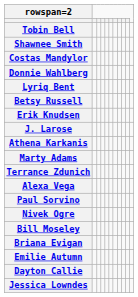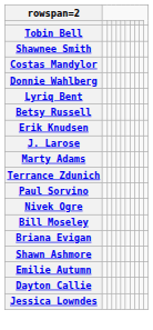 <table class="wikitable" style="text-align:center;font-size:100%;vertical-align:bottom;">
 <tr>
 <th>rowspan=2 </th>
 </tr>
 <tr>
 <th></th>
 <th></th>
 <th></th>
 <th></th>
 <th></th>
 <th></th>
 <th></th>
 <th></th>
 <th></th>
 <th></th>
 </tr>
 <tr>
 <th><a href='#'>Tobin Bell</a></th>
 <td></td>
 <td></td>
 <td></td>
 <td></td>
 <td></td>
 <td></td>
 <td></td>
 <td></td>
 <td></td>
 <td></td>
 </tr>
 <tr>
 <th><a href='#'>Shawnee Smith</a></th>
 <td></td>
 <td></td>
 <td></td>
 <td></td>
 <td></td>
 <td></td>
 <td></td>
 <td></td>
 <td></td>
 <td></td>
 </tr>
 <tr>
 <th><a href='#'>Costas Mandylor</a></th>
 <td></td>
 <td></td>
 <td></td>
 <td></td>
 <td></td>
 <td></td>
 <td></td>
 <td></td>
 <td></td>
 <td></td>
 </tr>
 <tr>
 <th><a href='#'>Donnie Wahlberg</a></th>
 <td></td>
 <td></td>
 <td></td>
 <td></td>
 <td></td>
 <td></td>
 <td></td>
 <td></td>
 <td></td>
 <td></td>
 </tr>
 <tr>
 <th><a href='#'>Lyriq Bent</a></th>
 <td></td>
 <td></td>
 <td></td>
 <td></td>
 <td></td>
 <td></td>
 <td></td>
 <td></td>
 <td></td>
 <td></td>
 </tr>
 <tr>
 <th><a href='#'>Betsy Russell</a></th>
 <td></td>
 <td></td>
 <td></td>
 <td></td>
 <td></td>
 <td></td>
 <td></td>
 <td></td>
 <td></td>
 <td></td>
 </tr>
 <tr>
 <th><a href='#'>Erik Knudsen</a></th>
 <td></td>
 <td></td>
 <td></td>
 <td></td>
 <td></td>
 <td></td>
 <td></td>
 <td></td>
 <td></td>
 <td></td>
 </tr>
 <tr>
 <th><a href='#'>J. Larose</a></th>
 <td></td>
 <td></td>
 <td></td>
 <td></td>
 <td></td>
 <td></td>
 <td></td>
 <td></td>
 <td></td>
 <td></td>
 </tr>
 <tr>
-<th><a href='#'>Athena Karkanis</a></th>
-<td></td>
-<td></td>
-<td></td>
-<td></td>
-<td></td>
-<td></td>
-<td></td>
-<td></td>
-<td></td>
-<td></td>
-</tr>
-<tr>
 <th><a href='#'>Marty Adams</a></th>
 <td></td>
 <td></td>
 <td></td>
 <td></td>
 <td></td>
 <td></td>
 <td></td>
 <td></td>
 <td></td>
 <td></td>
 </tr>
 <tr>
 <th><a href='#'>Terrance Zdunich</a></th>
-<td></td>
-<td></td>
-<td></td>
-<td></td>
-<td></td>
-<td></td>
-<td></td>
-<td></td>
-<td></td>
-<td></td>
-</tr>
-<tr>
-<th><a href='#'>Alexa Vega</a></th>
 <td></td>
 <td></td>
 <td></td>
 <td></td>
 <td></td>
 <td></td>
 <td></td>
 <td></td>
 <td></td>
 <td></td>
 </tr>
 <tr>
 <th><a href='#'>Paul Sorvino</a></th>
 <td></td>
 <td></td>
 <td></td>
 <td></td>
 <td></td>
 <td></td>
 <td></td>
 <td></td>
 <td></td>
 <td></td>
 </tr>
 <tr>
 <th><a href='#'>Nivek Ogre</a></th>
 <td></td>
 <td></td>
 <td></td>
 <td></td>
 <td></td>
 <td></td>
 <td></td>
 <td></td>
 <td></td>
 <td></td>
 </tr>
 <tr>
 <th><a href='#'>Bill Moseley</a></th>
 <td></td>
 <td></td>
 <td></td>
 <td></td>
 <td></td>
 <td></td>
 <td></td>
 <td></td>
 <td></td>
 <td></td>
 </tr>
 <tr>
 <th><a href='#'>Briana Evigan</a></th>
 <td></td>
 <td></td>
 <td></td>
 <td></td>
 <td></td>
 <td></td>
 <td></td>
 <td></td>
 <td></td>
 <td></td>
 </tr>
 <tr>
+<th><a href='#'>Shawn Ashmore</a></th>
+<td></td>
+<td></td>
+<td></td>
+<td></td>
+<td></td>
+<td></td>
+<td></td>
+<td></td>
+<td></td>
+<td></td>
+</tr>
+<tr>
 <th><a href='#'>Emilie Autumn</a></th>
 <td></td>
 <td></td>
 <td></td>
 <td></td>
 <td></td>
 <td></td>
 <td></td>
 <td></td>
 <td></td>
 <td></td>
 </tr>
 <tr>
 <th><a href='#'>Dayton Callie</a></th>
 <td></td>
 <td></td>
 <td></td>
 <td></td>
 <td></td>
 <td></td>
 <td></td>
 <td></td>
 <td></td>
 <td></td>
 </tr>
 <tr>
 <th><a href='#'>Jessica Lowndes</a></th>
 <td></td>
 <td></td>
 <td></td>
 <td></td>
 <td></td>
 <td></td>
 <td></td>
 <td></td>
 <td></td>
 <td></td>
 </tr>
 </table>
